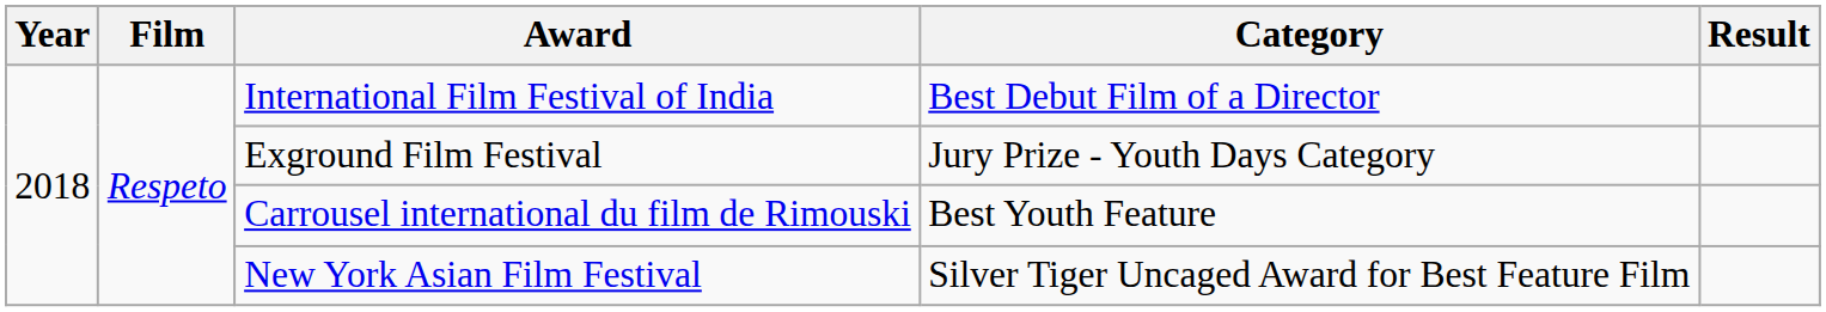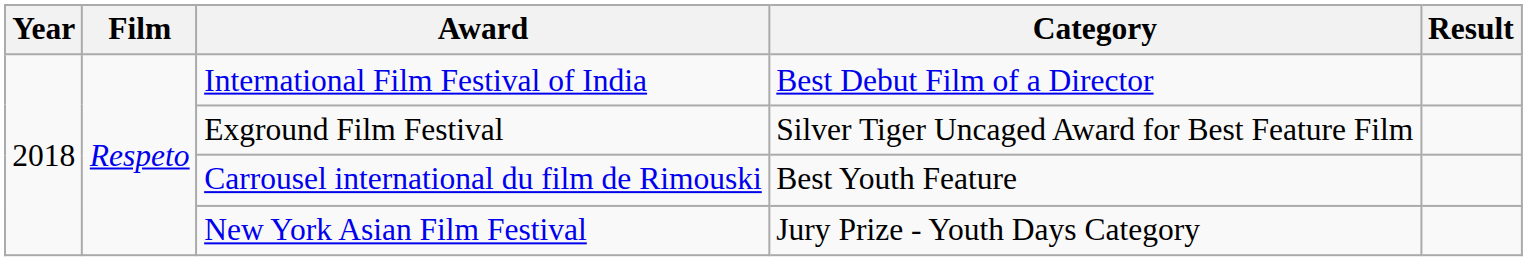 <table class="wikitable sortable">
 <tr>
 <th>Year</th>
 <th>Film</th>
 <th>Award</th>
 <th>Category</th>
 <th>Result</th>
 </tr>
 <tr>
 <td rowspan="4">2018</td>
 <td rowspan="4"><em><a href='#'>Respeto</a></em></td>
 <td><a href='#'>International Film Festival of India</a></td>
 <td><a href='#'>Best Debut Film of a Director</a></td>
 <td></td>
 </tr>
 <tr>
 <td>Exground Film Festival</td>
-<td>Jury Prize - Youth Days Category</td>
+<td>Silver Tiger Uncaged Award for Best Feature Film</td>
 <td></td>
 </tr>
 <tr>
 <td><a href='#'>Carrousel international du film de Rimouski</a></td>
 <td>Best Youth Feature</td>
 <td></td>
 </tr>
 <tr>
 <td><a href='#'>New York Asian Film Festival</a></td>
-<td>Silver Tiger Uncaged Award for Best Feature Film</td>
+<td>Jury Prize - Youth Days Category</td>
 <td></td>
 </tr>
 </table>
